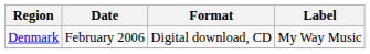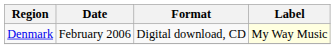 <table class=wikitable>
 <tr>
 <th>Region</th>
 <th>Date</th>
 <th>Format</th>
 <th>Label</th>
 </tr>
 <tr>
 <td><a href='#'>Denmark</a></td>
 <td>February 2006</td>
 <td>Digital download, CD</td>
-<td>My Way Music</td>
+<td style="background: lightyellow;">My Way Music</td>
 </tr>
 <tr>
 </tr>
 </table>
